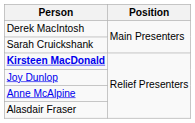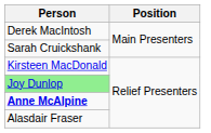 <table class="wikitable">
 <tr>
 <th>Person</th>
 <th>Position</th>
 </tr>
 <tr>
 <td>Derek MacIntosh</td>
 <td rowspan="2">Main Presenters</td>
 </tr>
 <tr>
 <td>Sarah Cruickshank</td>
 </tr>
 <tr>
-<td><strong><a href='#'>Kirsteen MacDonald</a></strong></td>
+<td><a href='#'>Kirsteen MacDonald</a></td>
 <td rowspan="4">Relief Presenters</td>
 </tr>
 <tr>
-<td><a href='#'>Joy Dunlop</a></td>
+<td style="background: lightgreen;"><a href='#'>Joy Dunlop</a></td>
 </tr>
 <tr>
-<td><a href='#'>Anne McAlpine</a></td>
+<td><strong><a href='#'>Anne McAlpine</a></strong></td>
 </tr>
 <tr>
 <td>Alasdair Fraser</td>
 </tr>
 </table>
